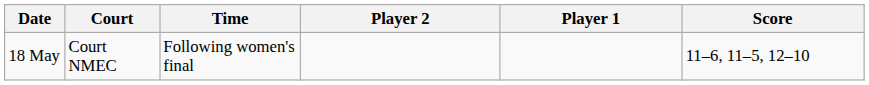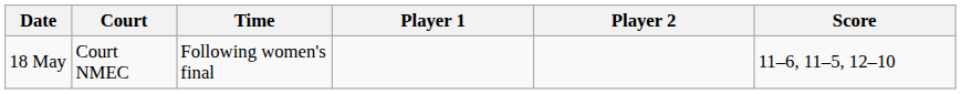 <table class="sortable wikitable" style="font-size:90%">
 <tr>
 <th width="45" class="unsortable">Date</th>
 <th width="75">Court</th>
 <th width="115">Time</th>
+<th width="150">Player 1</th>
 <th width="165">Player 2</th>
-<th width="150">Player 1</th>
 <th width="150" class="unsortable">Score</th>
 </tr>
 <tr>
 <td>18 May</td>
 <td>Court NMEC</td>
 <td>Following women's final</td>
+<td><strong></strong></td>
 <td></td>
-<td><strong></strong></td>
 <td>11–6, 11–5, 12–10</td>
 </tr>
 </table>
